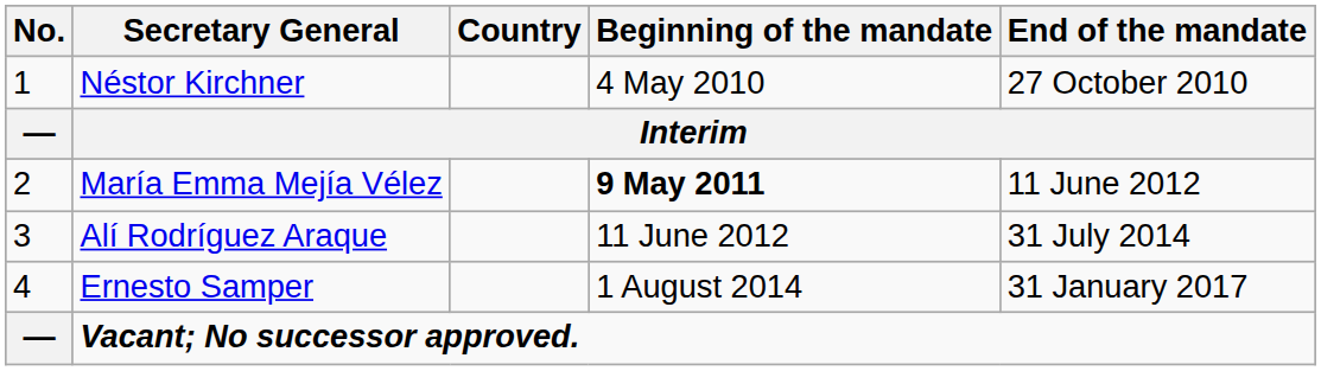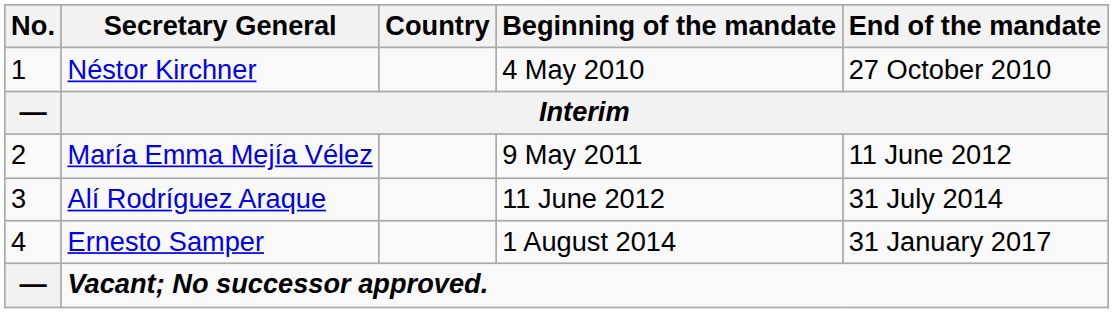 <table class="wikitable">
 <tr style="background:#efefef;">
 <th>No.</th>
 <th>Secretary General</th>
 <th>Country</th>
 <th>Beginning of the mandate</th>
 <th>End of the mandate</th>
 </tr>
 <tr>
 <td>1</td>
 <td><a href='#'>Néstor Kirchner</a></td>
 <td></td>
 <td>4 May 2010</td>
 <td>27 October 2010</td>
 </tr>
 <tr>
 <th width="10" rowspan="1">—</th>
 <th colspan=6><em>Interim</em></th>
 </tr>
 <tr>
 <td>2</td>
 <td><a href='#'>María Emma Mejía Vélez</a></td>
 <td></td>
-<td><strong>9 May 2011</strong></td>
+<td>9 May 2011</td>
 <td>11 June 2012</td>
 </tr>
 <tr>
 <td>3</td>
 <td><a href='#'>Alí Rodríguez Araque</a></td>
 <td></td>
 <td>11 June 2012</td>
 <td>31 July 2014</td>
 </tr>
 <tr>
 <td>4</td>
 <td><a href='#'>Ernesto Samper</a></td>
 <td></td>
 <td>1 August 2014</td>
 <td>31 January 2017</td>
 </tr>
 <tr>
 <th rowspan="1">—</th>
 <td colspan="4"><strong><em>Vacant; No successor approved.<strong><em></td>
 </tr>
 </table>
